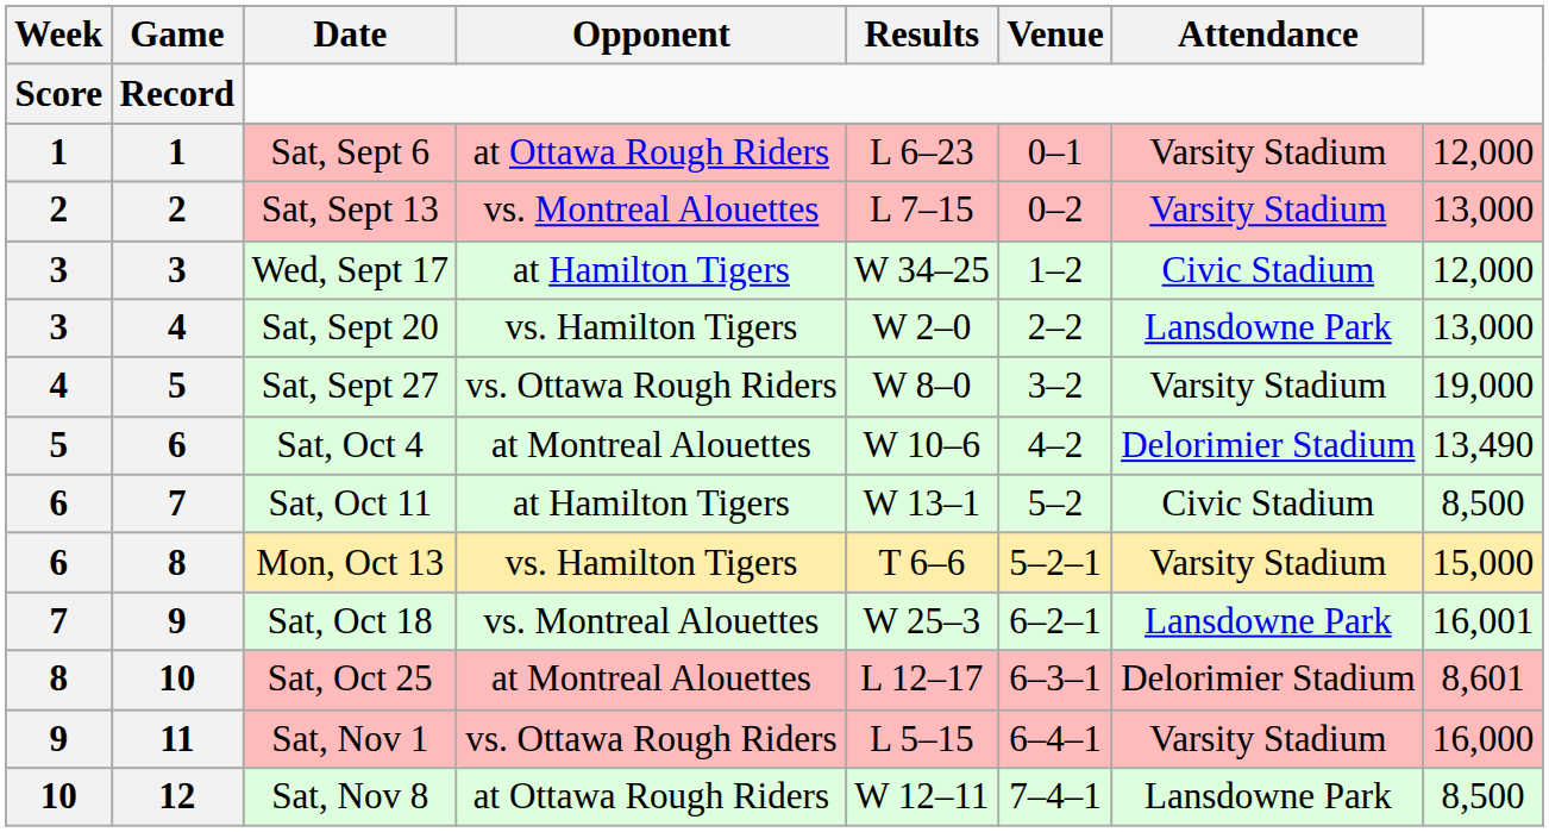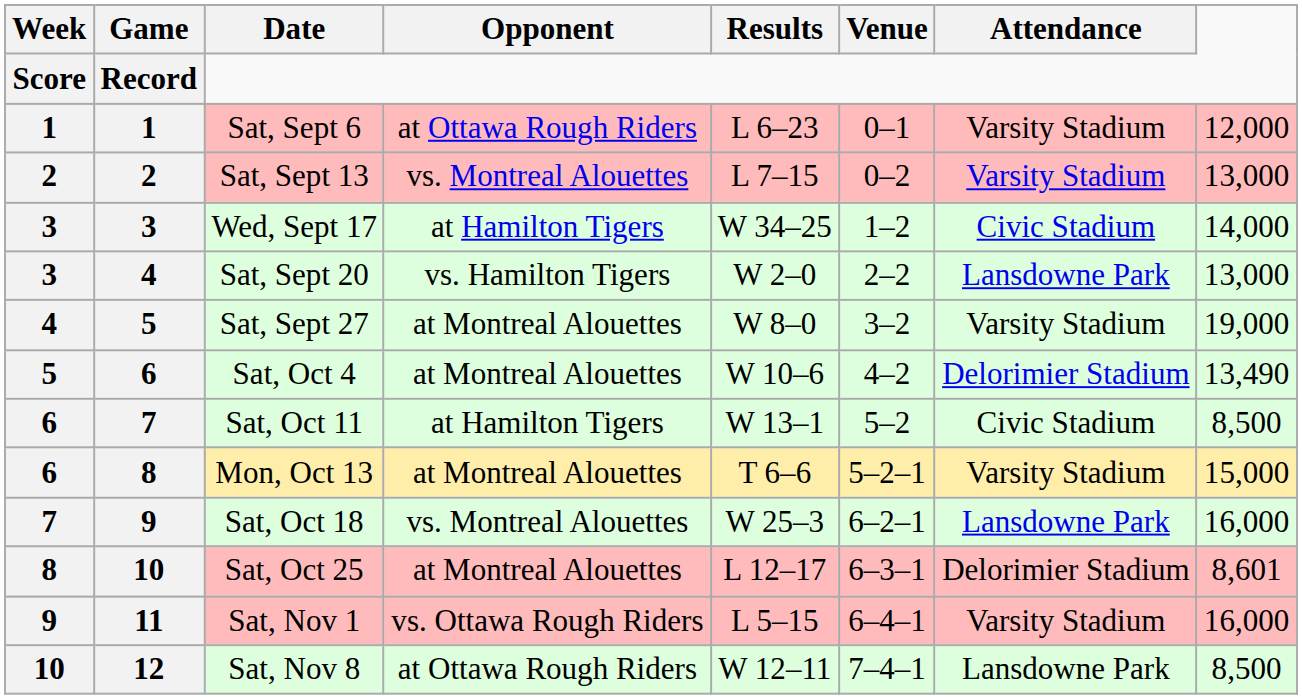 <table class="wikitable" style="text-align:center">
 <tr>
 <th>Week</th>
 <th>Game</th>
 <th>Date</th>
 <th>Opponent</th>
 <th>Results</th>
 <th>Venue</th>
 <th>Attendance</th>
 </tr>
 <tr>
 <th>Score</th>
 <th>Record</th>
 </tr>
 <tr style="background:#ffbbbb">
 <th>1</th>
 <th>1</th>
 <td>Sat, Sept 6</td>
 <td>at <a href='#'>Ottawa Rough Riders</a></td>
 <td>L 6–23</td>
 <td>0–1</td>
 <td>Varsity Stadium</td>
 <td>12,000</td>
 </tr>
 <tr style="background:#ffbbbb">
 <th>2</th>
 <th>2</th>
 <td>Sat, Sept 13</td>
 <td>vs. <a href='#'>Montreal Alouettes</a></td>
 <td>L 7–15</td>
 <td>0–2</td>
 <td><a href='#'>Varsity Stadium</a></td>
 <td>13,000</td>
 </tr>
 <tr style="background:#ddffdd">
 <th>3</th>
 <th>3</th>
 <td>Wed, Sept 17</td>
 <td>at <a href='#'>Hamilton Tigers</a></td>
 <td>W 34–25</td>
 <td>1–2</td>
 <td><a href='#'>Civic Stadium</a></td>
-<td>12,000</td>
+<td>14,000</td>
 </tr>
 <tr style="background:#ddffdd">
 <th>3</th>
 <th>4</th>
 <td>Sat, Sept 20</td>
 <td>vs. Hamilton Tigers</td>
 <td>W 2–0</td>
 <td>2–2</td>
 <td><a href='#'>Lansdowne Park</a></td>
 <td>13,000</td>
 </tr>
 <tr style="background:#ddffdd">
 <th>4</th>
 <th>5</th>
 <td>Sat, Sept 27</td>
-<td>vs. Ottawa Rough Riders</td>
+<td>at Montreal Alouettes</td>
 <td>W 8–0</td>
 <td>3–2</td>
 <td>Varsity Stadium</td>
 <td>19,000</td>
 </tr>
 <tr style="background:#ddffdd">
 <th>5</th>
 <th>6</th>
 <td>Sat, Oct 4</td>
 <td>at Montreal Alouettes</td>
 <td>W 10–6</td>
 <td>4–2</td>
 <td><a href='#'>Delorimier Stadium</a></td>
 <td>13,490</td>
 </tr>
 <tr style="background:#ddffdd">
 <th>6</th>
 <th>7</th>
 <td>Sat, Oct 11</td>
 <td>at Hamilton Tigers</td>
 <td>W 13–1</td>
 <td>5–2</td>
 <td>Civic Stadium</td>
 <td>8,500</td>
 </tr>
 <tr style="background:#ffeeaa">
 <th>6</th>
 <th>8</th>
 <td>Mon, Oct 13</td>
-<td>vs. Hamilton Tigers</td>
+<td>at Montreal Alouettes</td>
 <td>T 6–6</td>
 <td>5–2–1</td>
 <td>Varsity Stadium</td>
 <td>15,000</td>
 </tr>
 <tr style="background:#ddffdd">
 <th>7</th>
 <th>9</th>
 <td>Sat, Oct 18</td>
 <td>vs. Montreal Alouettes</td>
 <td>W 25–3</td>
 <td>6–2–1</td>
 <td><a href='#'>Lansdowne Park</a></td>
-<td>16,001</td>
+<td>16,000</td>
 </tr>
 <tr style="background:#ffbbbb">
 <th>8</th>
 <th>10</th>
 <td>Sat, Oct 25</td>
 <td>at Montreal Alouettes</td>
 <td>L 12–17</td>
 <td>6–3–1</td>
 <td>Delorimier Stadium</td>
 <td>8,601</td>
 </tr>
 <tr style="background:#ffbbbb">
 <th>9</th>
 <th>11</th>
 <td>Sat, Nov 1</td>
 <td>vs. Ottawa Rough Riders</td>
 <td>L 5–15</td>
 <td>6–4–1</td>
 <td>Varsity Stadium</td>
 <td>16,000</td>
 </tr>
 <tr style="background:#ddffdd">
 <th>10</th>
 <th>12</th>
 <td>Sat, Nov 8</td>
 <td>at Ottawa Rough Riders</td>
 <td>W 12–11</td>
 <td>7–4–1</td>
 <td>Lansdowne Park</td>
 <td>8,500</td>
 </tr>
 </table>
